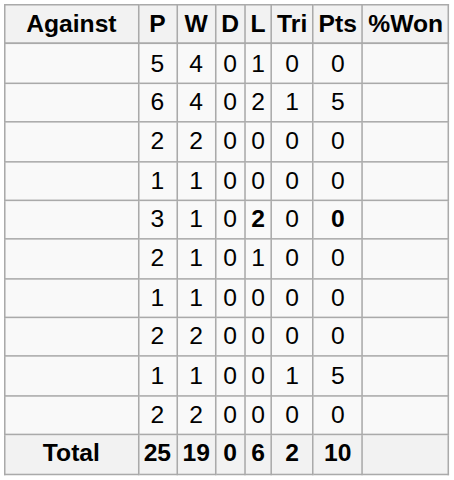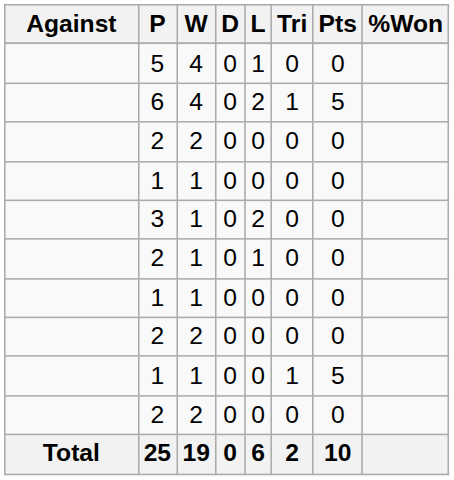 <table class="wikitable sortable"  style="text-align:center; font-size:100%;">
 <tr>
 <th style="width:30%;">Against</th>
 <th abbr="Played" style="width:15px;">P</th>
 <th abbr="Won" style="width:10px;">W</th>
 <th abbr="Drawn" style="width:10px;">D</th>
 <th abbr="Lost" style="width:10px;">L</th>
 <th abbr="Tries" style="width:15px;">Tri</th>
 <th abbr="Points" style="width:18px;">Pts</th>
 <th abbr="Won" style="width:18px;">%Won</th>
 </tr>
 <tr bgcolor="#d0ffd0" align="center">
 </tr>
 <tr>
 <td align="left"></td>
 <td>5</td>
 <td>4</td>
 <td>0</td>
 <td>1</td>
 <td>0</td>
 <td>0</td>
 <td></td>
 </tr>
 <tr>
 <td align="left"></td>
 <td>6</td>
 <td>4</td>
 <td>0</td>
 <td>2</td>
 <td>1</td>
 <td>5</td>
 <td></td>
 </tr>
 <tr>
 <td align="left"></td>
 <td>2</td>
 <td>2</td>
 <td>0</td>
 <td>0</td>
 <td>0</td>
 <td>0</td>
 <td></td>
 </tr>
 <tr>
 <td align="left"></td>
 <td>1</td>
 <td>1</td>
 <td>0</td>
 <td>0</td>
 <td>0</td>
 <td>0</td>
 <td></td>
 </tr>
 <tr>
 <td align="left"></td>
 <td>3</td>
 <td>1</td>
 <td>0</td>
-<td><strong>2</strong></td>
+<td>2</td>
 <td>0</td>
-<td><strong>0</strong></td>
+<td>0</td>
 <td></td>
 </tr>
 <tr>
 <td align="left"></td>
 <td>2</td>
 <td>1</td>
 <td>0</td>
 <td>1</td>
 <td>0</td>
 <td>0</td>
 <td></td>
 </tr>
 <tr>
 <td align="left"></td>
 <td>1</td>
 <td>1</td>
 <td>0</td>
 <td>0</td>
 <td>0</td>
 <td>0</td>
 <td></td>
 </tr>
 <tr>
 <td align="left"></td>
 <td>2</td>
 <td>2</td>
 <td>0</td>
 <td>0</td>
 <td>0</td>
 <td>0</td>
 <td></td>
 </tr>
 <tr>
 <td align="left"></td>
 <td>1</td>
 <td>1</td>
 <td>0</td>
 <td>0</td>
 <td>1</td>
 <td>5</td>
 <td></td>
 </tr>
 <tr>
 <td align="left"></td>
 <td>2</td>
 <td>2</td>
 <td>0</td>
 <td>0</td>
 <td>0</td>
 <td>0</td>
 <td></td>
 </tr>
 <tr>
 <th>Total</th>
 <th>25</th>
 <th>19</th>
 <th>0</th>
 <th>6</th>
 <th>2</th>
 <th>10</th>
 <th></th>
 </tr>
 </table>
